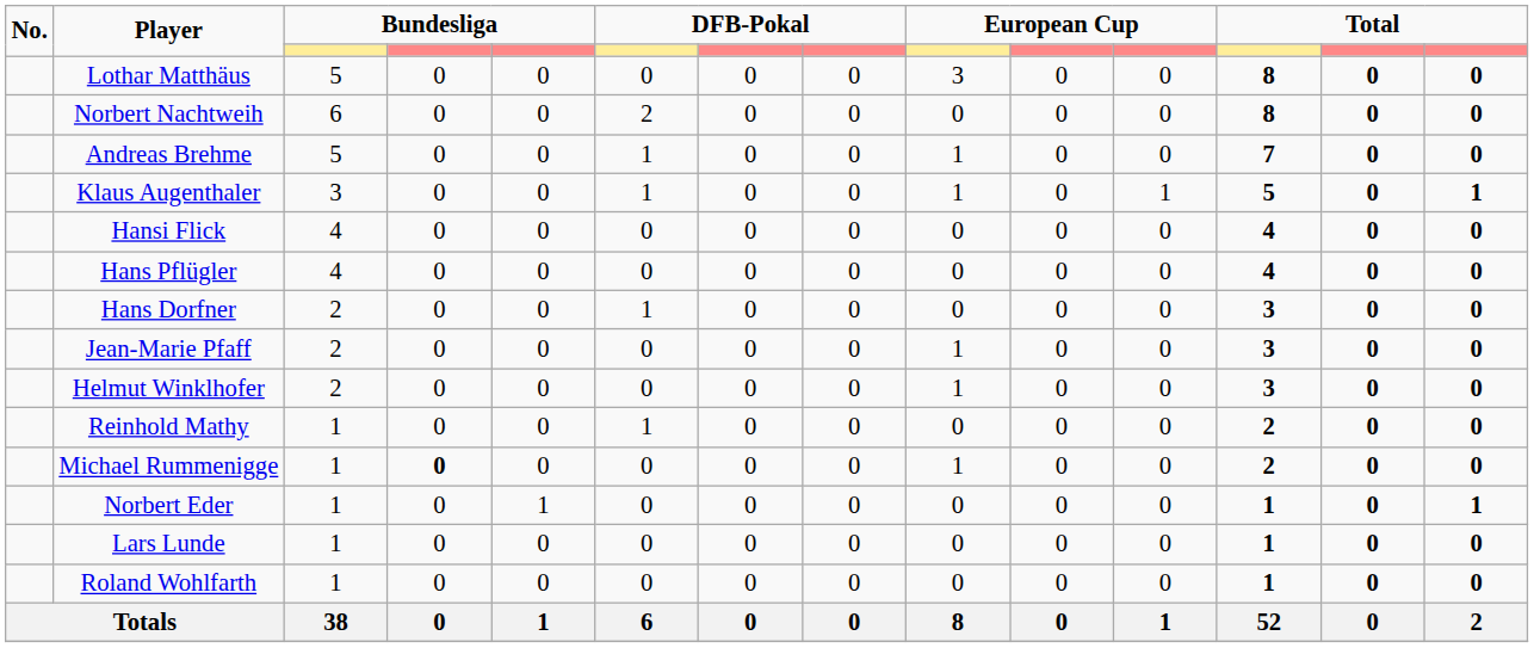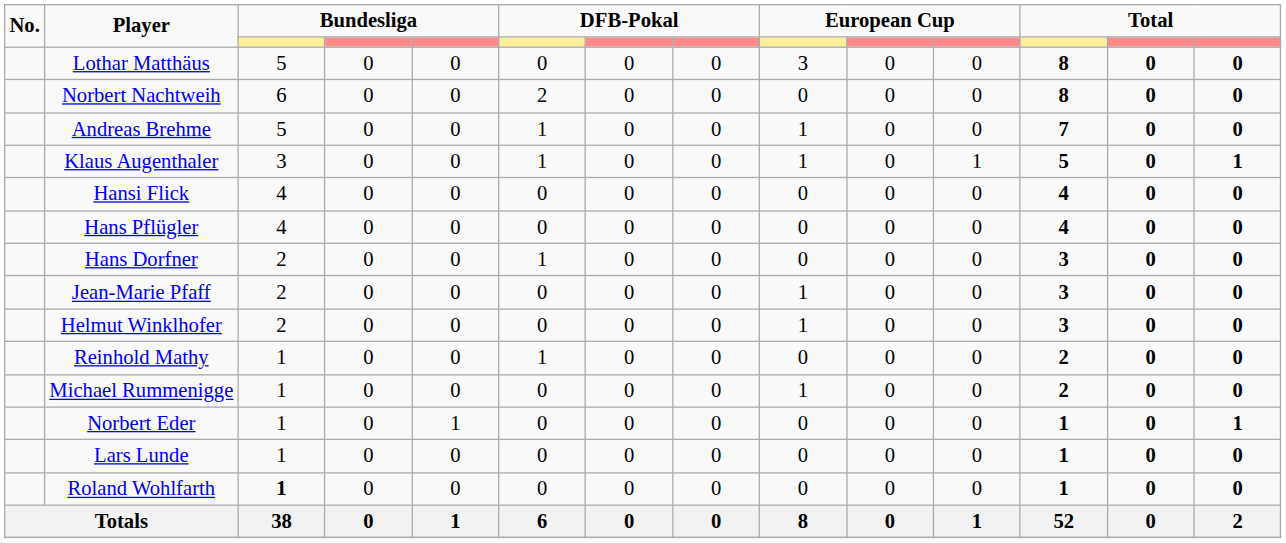 <table class="wikitable" style="text-align:center;">
 <tr style="text-align:center;">
 <td rowspan="2"><strong>No.</strong></td>
 <td rowspan="2"><strong>Player</strong></td>
 <td colspan="3"><strong>Bundesliga</strong></td>
 <td colspan="3"><strong>DFB-Pokal</strong></td>
 <td colspan="3"><strong>European Cup</strong></td>
 <td colspan="3"><strong>Total</strong></td>
 </tr>
 <tr>
 <th style="width:60px; background:#fe9;"></th>
 <th style="width:60px; background:#ff8888;"></th>
 <th style="width:60px; background:#ff8888;"></th>
 <th style="width:60px; background:#fe9;"></th>
 <th style="width:60px; background:#ff8888;"></th>
 <th style="width:60px; background:#ff8888;"></th>
 <th style="width:60px; background:#fe9;"></th>
 <th style="width:60px; background:#ff8888;"></th>
 <th style="width:60px; background:#ff8888;"></th>
 <th style="width:60px; background:#fe9;"></th>
 <th style="width:60px; background:#ff8888;"></th>
 <th style="width:60px; background:#ff8888;"></th>
 </tr>
 <tr>
 <td></td>
 <td><a href='#'>Lothar Matthäus</a></td>
 <td>5</td>
 <td>0</td>
 <td>0</td>
 <td>0</td>
 <td>0</td>
 <td>0</td>
 <td>3</td>
 <td>0</td>
 <td>0</td>
 <td><strong>8</strong></td>
 <td><strong>0</strong></td>
 <td><strong>0</strong></td>
 </tr>
 <tr>
 <td></td>
 <td><a href='#'>Norbert Nachtweih</a></td>
 <td>6</td>
 <td>0</td>
 <td>0</td>
 <td>2</td>
 <td>0</td>
 <td>0</td>
 <td>0</td>
 <td>0</td>
 <td>0</td>
 <td><strong>8</strong></td>
 <td><strong>0</strong></td>
 <td><strong>0</strong></td>
 </tr>
 <tr>
 <td></td>
 <td><a href='#'>Andreas Brehme</a></td>
 <td>5</td>
 <td>0</td>
 <td>0</td>
 <td>1</td>
 <td>0</td>
 <td>0</td>
 <td>1</td>
 <td>0</td>
 <td>0</td>
 <td><strong>7</strong></td>
 <td><strong>0</strong></td>
 <td><strong>0</strong></td>
 </tr>
 <tr>
 <td></td>
 <td><a href='#'>Klaus Augenthaler</a></td>
 <td>3</td>
 <td>0</td>
 <td>0</td>
 <td>1</td>
 <td>0</td>
 <td>0</td>
 <td>1</td>
 <td>0</td>
 <td>1</td>
 <td><strong>5</strong></td>
 <td><strong>0</strong></td>
 <td><strong>1</strong></td>
 </tr>
 <tr>
 <td></td>
 <td><a href='#'>Hansi Flick</a></td>
 <td>4</td>
 <td>0</td>
 <td>0</td>
 <td>0</td>
 <td>0</td>
 <td>0</td>
 <td>0</td>
 <td>0</td>
 <td>0</td>
 <td><strong>4</strong></td>
 <td><strong>0</strong></td>
 <td><strong>0</strong></td>
 </tr>
 <tr>
 <td></td>
 <td><a href='#'>Hans Pflügler</a></td>
 <td>4</td>
 <td>0</td>
 <td>0</td>
 <td>0</td>
 <td>0</td>
 <td>0</td>
 <td>0</td>
 <td>0</td>
 <td>0</td>
 <td><strong>4</strong></td>
 <td><strong>0</strong></td>
 <td><strong>0</strong></td>
 </tr>
 <tr>
 <td></td>
 <td><a href='#'>Hans Dorfner</a></td>
 <td>2</td>
 <td>0</td>
 <td>0</td>
 <td>1</td>
 <td>0</td>
 <td>0</td>
 <td>0</td>
 <td>0</td>
 <td>0</td>
 <td><strong>3</strong></td>
 <td><strong>0</strong></td>
 <td><strong>0</strong></td>
 </tr>
 <tr>
 <td></td>
 <td><a href='#'>Jean-Marie Pfaff</a></td>
 <td>2</td>
 <td>0</td>
 <td>0</td>
 <td>0</td>
 <td>0</td>
 <td>0</td>
 <td>1</td>
 <td>0</td>
 <td>0</td>
 <td><strong>3</strong></td>
 <td><strong>0</strong></td>
 <td><strong>0</strong></td>
 </tr>
 <tr>
 <td></td>
 <td><a href='#'>Helmut Winklhofer</a></td>
 <td>2</td>
 <td>0</td>
 <td>0</td>
 <td>0</td>
 <td>0</td>
 <td>0</td>
 <td>1</td>
 <td>0</td>
 <td>0</td>
 <td><strong>3</strong></td>
 <td><strong>0</strong></td>
 <td><strong>0</strong></td>
 </tr>
 <tr>
 <td></td>
 <td><a href='#'>Reinhold Mathy</a></td>
 <td>1</td>
 <td>0</td>
 <td>0</td>
 <td>1</td>
 <td>0</td>
 <td>0</td>
 <td>0</td>
 <td>0</td>
 <td>0</td>
 <td><strong>2</strong></td>
 <td><strong>0</strong></td>
 <td><strong>0</strong></td>
 </tr>
 <tr>
 <td></td>
 <td><a href='#'>Michael Rummenigge</a></td>
 <td>1</td>
-<td><strong>0</strong></td>
+<td>0</td>
 <td>0</td>
 <td>0</td>
 <td>0</td>
 <td>0</td>
 <td>1</td>
 <td>0</td>
 <td>0</td>
 <td><strong>2</strong></td>
 <td><strong>0</strong></td>
 <td><strong>0</strong></td>
 </tr>
 <tr>
 <td></td>
 <td><a href='#'>Norbert Eder</a></td>
 <td>1</td>
 <td>0</td>
 <td>1</td>
 <td>0</td>
 <td>0</td>
 <td>0</td>
 <td>0</td>
 <td>0</td>
 <td>0</td>
 <td><strong>1</strong></td>
 <td><strong>0</strong></td>
 <td><strong>1</strong></td>
 </tr>
 <tr>
 <td></td>
 <td><a href='#'>Lars Lunde</a></td>
 <td>1</td>
 <td>0</td>
 <td>0</td>
 <td>0</td>
 <td>0</td>
 <td>0</td>
 <td>0</td>
 <td>0</td>
 <td>0</td>
 <td><strong>1</strong></td>
 <td><strong>0</strong></td>
 <td><strong>0</strong></td>
 </tr>
 <tr>
 <td></td>
 <td><a href='#'>Roland Wohlfarth</a></td>
-<td>1</td>
+<td><strong>1</strong></td>
 <td>0</td>
 <td>0</td>
 <td>0</td>
 <td>0</td>
 <td>0</td>
 <td>0</td>
 <td>0</td>
 <td>0</td>
 <td><strong>1</strong></td>
 <td><strong>0</strong></td>
 <td><strong>0</strong></td>
 </tr>
 <tr>
 <th colspan="2">Totals</th>
 <th>38</th>
 <th>0</th>
 <th>1</th>
 <th>6</th>
 <th>0</th>
 <th>0</th>
 <th>8</th>
 <th>0</th>
 <th>1</th>
 <th>52</th>
 <th>0</th>
 <th>2</th>
 </tr>
 <tr>
 </tr>
 </table>
